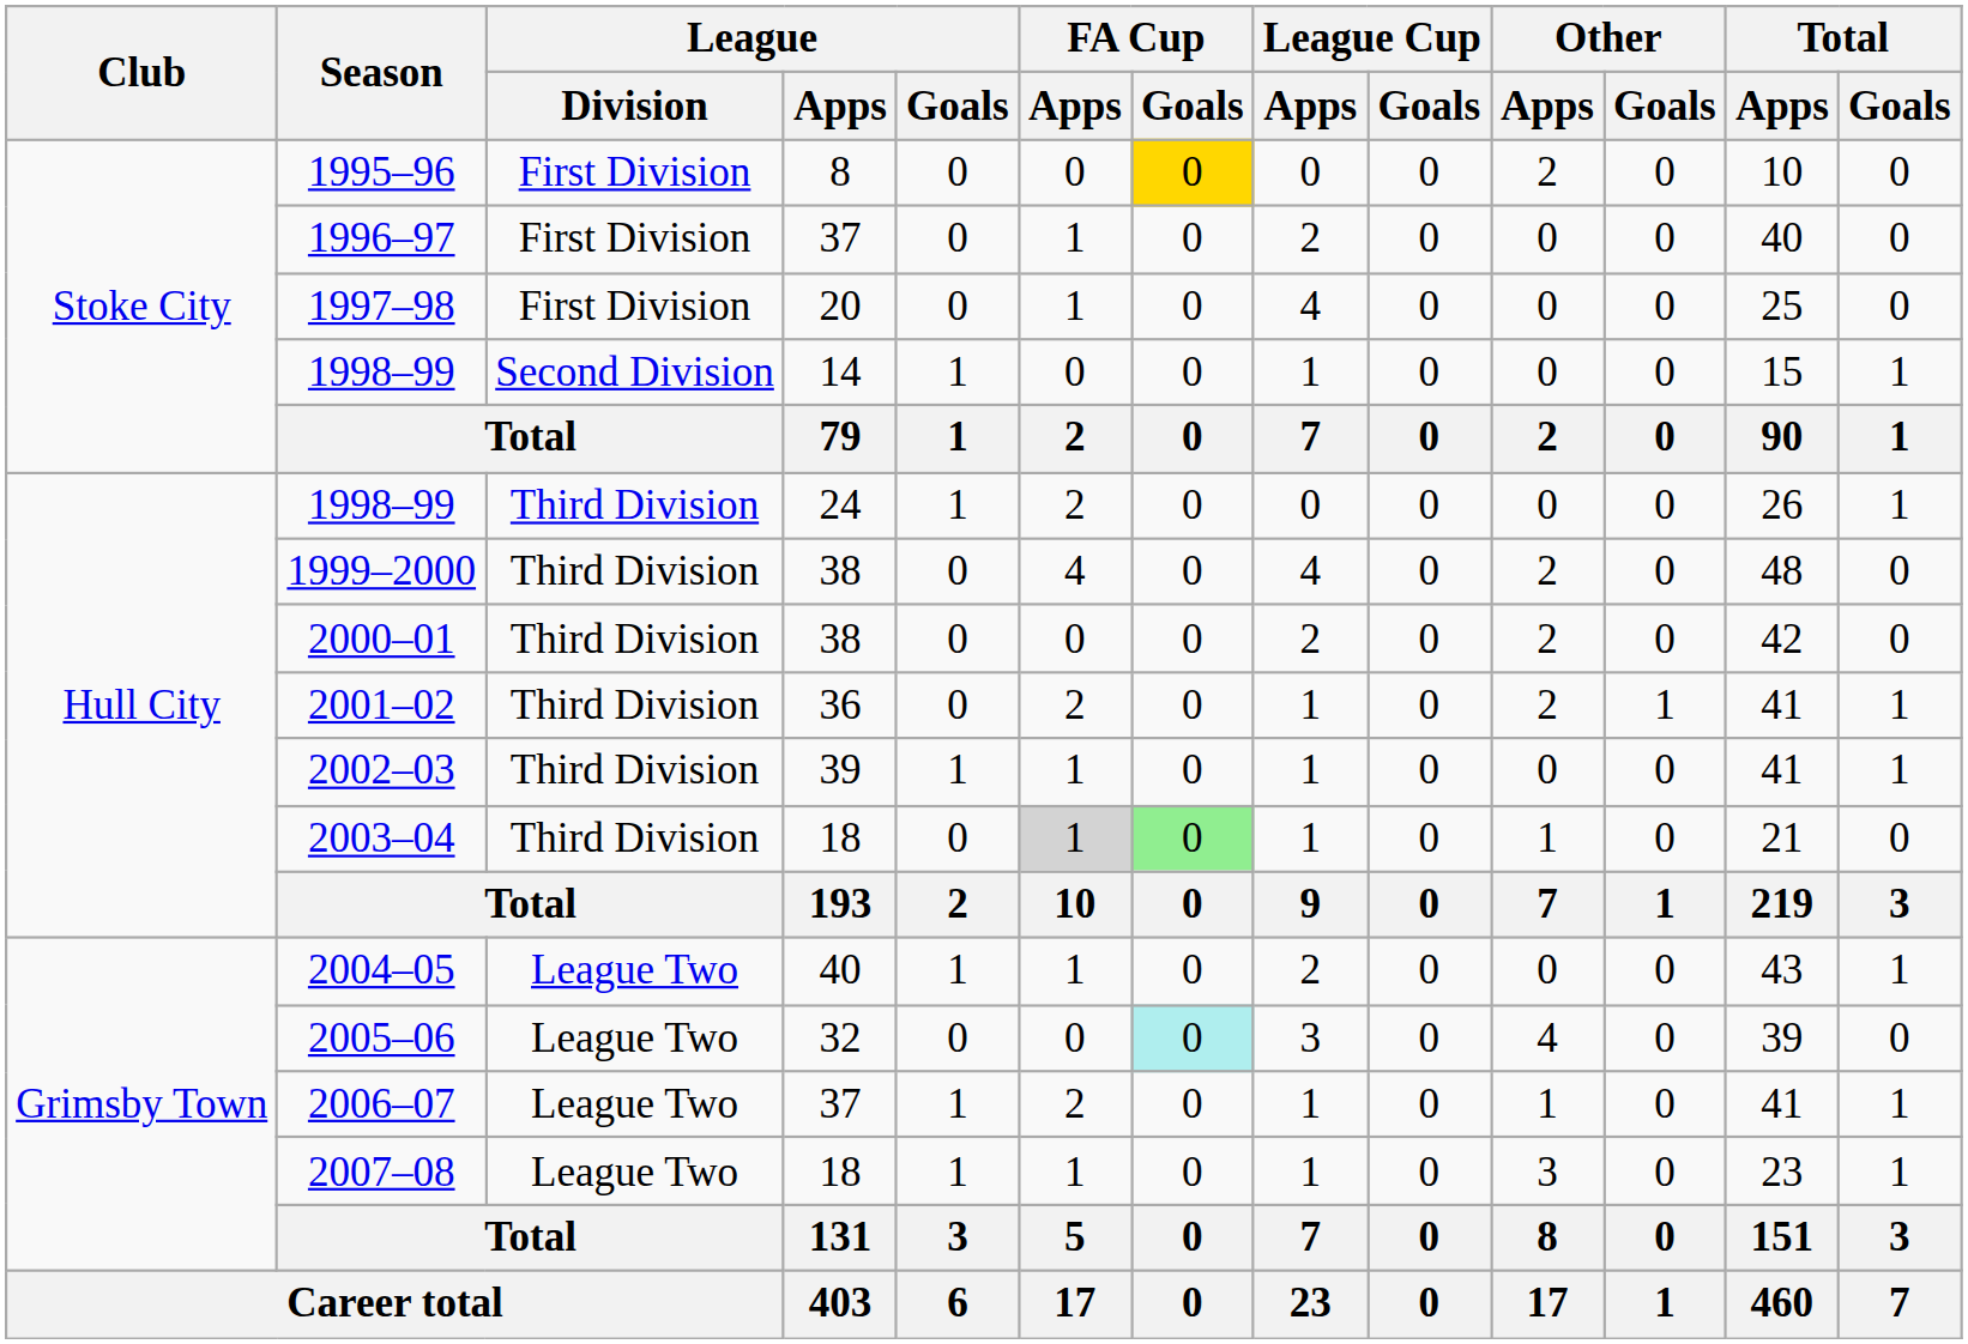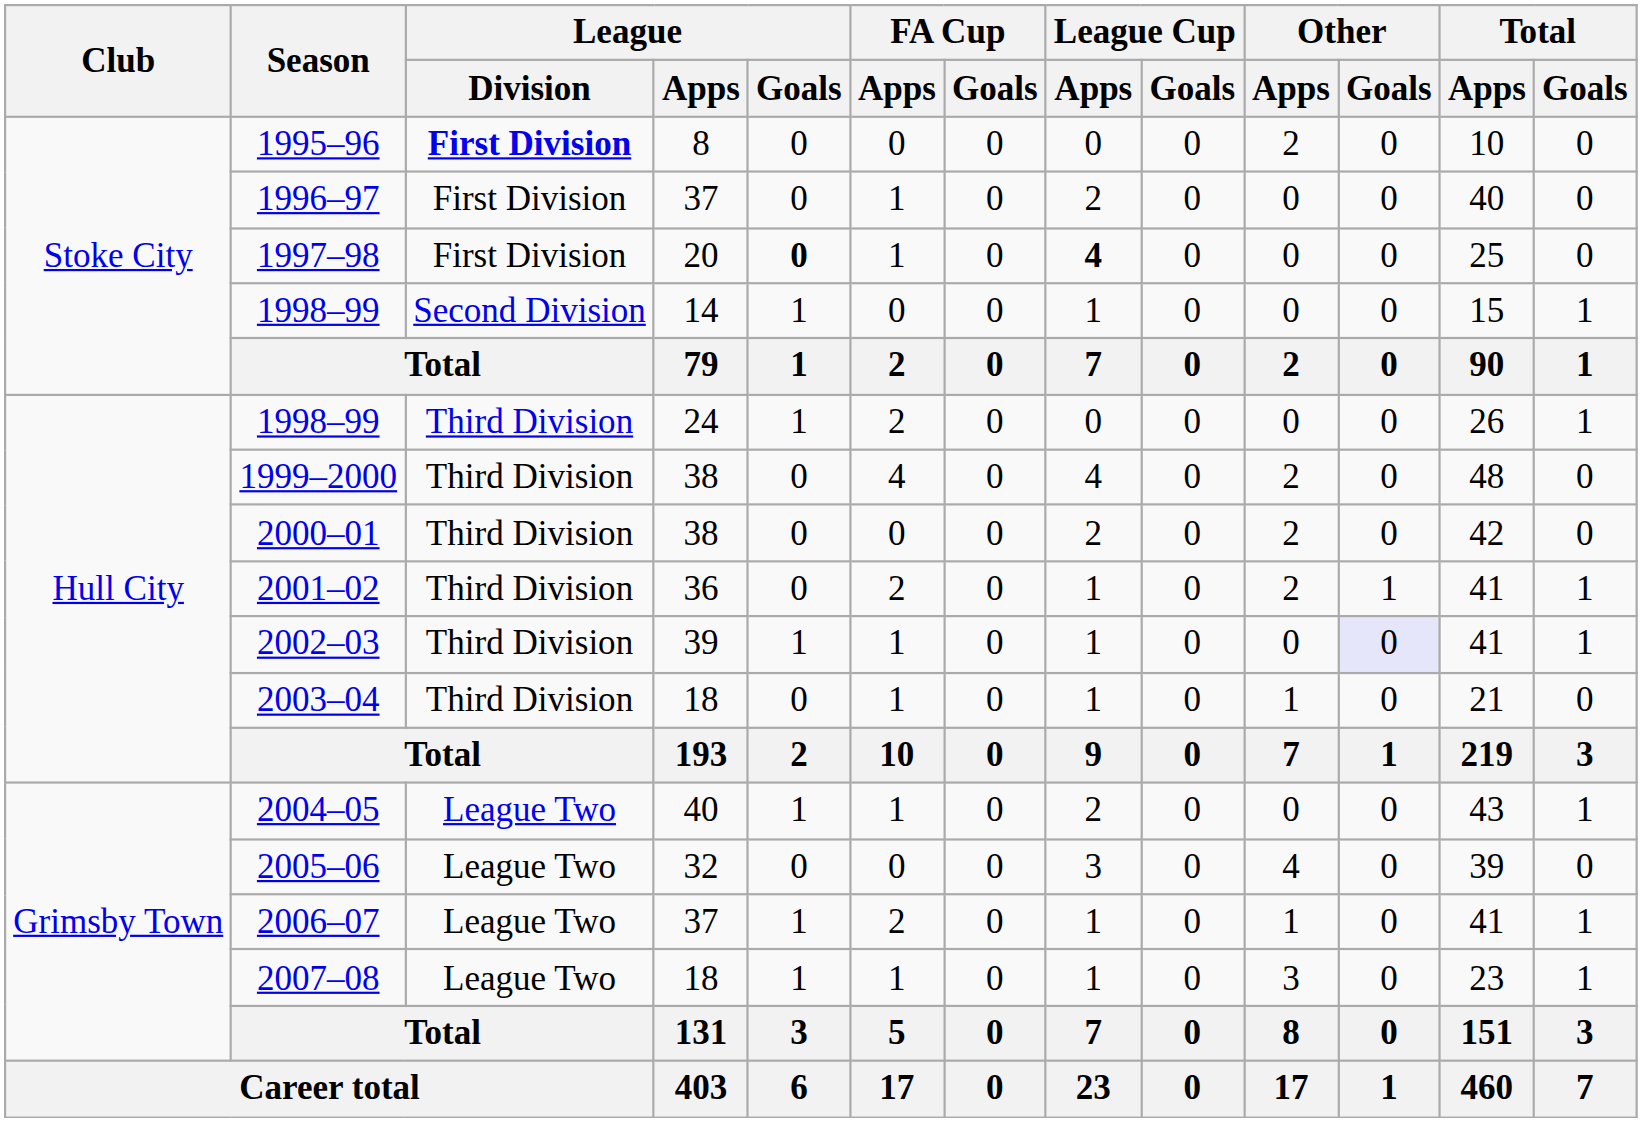 <table class="wikitable" style="text-align: center;">
 <tr>
 <th rowspan="2">Club</th>
 <th rowspan="2">Season</th>
 <th colspan="3">League</th>
 <th colspan="2">FA Cup</th>
 <th colspan="2">League Cup</th>
 <th colspan="2">Other</th>
 <th colspan="2">Total</th>
 </tr>
 <tr>
 <th>Division</th>
 <th>Apps</th>
 <th>Goals</th>
 <th>Apps</th>
 <th>Goals</th>
 <th>Apps</th>
 <th>Goals</th>
 <th>Apps</th>
 <th>Goals</th>
 <th>Apps</th>
 <th>Goals</th>
 </tr>
 <tr>
 <td rowspan="5"><a href='#'>Stoke City</a></td>
 <td><a href='#'>1995–96</a></td>
-<td><a href='#'>First Division</a></td>
+<td><strong><a href='#'>First Division</a></strong></td>
 <td>8</td>
 <td>0</td>
 <td>0</td>
-<td style="background: gold;">0</td>
+<td>0</td>
 <td>0</td>
 <td>0</td>
 <td>2</td>
 <td>0</td>
 <td>10</td>
 <td>0</td>
 </tr>
 <tr>
 <td><a href='#'>1996–97</a></td>
 <td>First Division</td>
 <td>37</td>
 <td>0</td>
 <td>1</td>
 <td>0</td>
 <td>2</td>
 <td>0</td>
 <td>0</td>
 <td>0</td>
 <td>40</td>
 <td>0</td>
 </tr>
 <tr>
 <td><a href='#'>1997–98</a></td>
 <td>First Division</td>
 <td>20</td>
-<td>0</td>
+<td><strong>0</strong></td>
 <td>1</td>
 <td>0</td>
-<td>4</td>
+<td><strong>4</strong></td>
 <td>0</td>
 <td>0</td>
 <td>0</td>
 <td>25</td>
 <td>0</td>
 </tr>
 <tr>
 <td><a href='#'>1998–99</a></td>
 <td><a href='#'>Second Division</a></td>
 <td>14</td>
 <td>1</td>
 <td>0</td>
 <td>0</td>
 <td>1</td>
 <td>0</td>
 <td>0</td>
 <td>0</td>
 <td>15</td>
 <td>1</td>
 </tr>
 <tr>
 <th colspan="2">Total</th>
 <th>79</th>
 <th>1</th>
 <th>2</th>
 <th>0</th>
 <th>7</th>
 <th>0</th>
 <th>2</th>
 <th>0</th>
 <th>90</th>
 <th>1</th>
 </tr>
 <tr>
 <td rowspan="7"><a href='#'>Hull City</a></td>
 <td><a href='#'>1998–99</a></td>
 <td><a href='#'>Third Division</a></td>
 <td>24</td>
 <td>1</td>
 <td>2</td>
 <td>0</td>
 <td>0</td>
 <td>0</td>
 <td>0</td>
 <td>0</td>
 <td>26</td>
 <td>1</td>
 </tr>
 <tr>
 <td><a href='#'>1999–2000</a></td>
 <td>Third Division</td>
 <td>38</td>
 <td>0</td>
 <td>4</td>
 <td>0</td>
 <td>4</td>
 <td>0</td>
 <td>2</td>
 <td>0</td>
 <td>48</td>
 <td>0</td>
 </tr>
 <tr>
 <td><a href='#'>2000–01</a></td>
 <td>Third Division</td>
 <td>38</td>
 <td>0</td>
 <td>0</td>
 <td>0</td>
 <td>2</td>
 <td>0</td>
 <td>2</td>
 <td>0</td>
 <td>42</td>
 <td>0</td>
 </tr>
 <tr>
 <td><a href='#'>2001–02</a></td>
 <td>Third Division</td>
 <td>36</td>
 <td>0</td>
 <td>2</td>
 <td>0</td>
 <td>1</td>
 <td>0</td>
 <td>2</td>
 <td>1</td>
 <td>41</td>
 <td>1</td>
 </tr>
 <tr>
 <td><a href='#'>2002–03</a></td>
 <td>Third Division</td>
 <td>39</td>
 <td>1</td>
 <td>1</td>
 <td>0</td>
 <td>1</td>
 <td>0</td>
 <td>0</td>
-<td>0</td>
+<td style="background: lavender;">0</td>
 <td>41</td>
 <td>1</td>
 </tr>
 <tr>
 <td><a href='#'>2003–04</a></td>
 <td>Third Division</td>
 <td>18</td>
 <td>0</td>
-<td style="background: lightgrey;">1</td>
-<td style="background: lightgreen;">0</td>
+<td>1</td>
+<td>0</td>
 <td>1</td>
 <td>0</td>
 <td>1</td>
 <td>0</td>
 <td>21</td>
 <td>0</td>
 </tr>
 <tr>
 <th colspan="2">Total</th>
 <th>193</th>
 <th>2</th>
 <th>10</th>
 <th>0</th>
 <th>9</th>
 <th>0</th>
 <th>7</th>
 <th>1</th>
 <th>219</th>
 <th>3</th>
 </tr>
 <tr>
 <td rowspan="5"><a href='#'>Grimsby Town</a></td>
 <td><a href='#'>2004–05</a></td>
 <td><a href='#'>League Two</a></td>
 <td>40</td>
 <td>1</td>
 <td>1</td>
 <td>0</td>
 <td>2</td>
 <td>0</td>
 <td>0</td>
 <td>0</td>
 <td>43</td>
 <td>1</td>
 </tr>
 <tr>
 <td><a href='#'>2005–06</a></td>
 <td>League Two</td>
 <td>32</td>
 <td>0</td>
 <td>0</td>
-<td style="background: paleturquoise;">0</td>
+<td>0</td>
 <td>3</td>
 <td>0</td>
 <td>4</td>
 <td>0</td>
 <td>39</td>
 <td>0</td>
 </tr>
 <tr>
 <td><a href='#'>2006–07</a></td>
 <td>League Two</td>
 <td>37</td>
 <td>1</td>
 <td>2</td>
 <td>0</td>
 <td>1</td>
 <td>0</td>
 <td>1</td>
 <td>0</td>
 <td>41</td>
 <td>1</td>
 </tr>
 <tr>
 <td><a href='#'>2007–08</a></td>
 <td>League Two</td>
 <td>18</td>
 <td>1</td>
 <td>1</td>
 <td>0</td>
 <td>1</td>
 <td>0</td>
 <td>3</td>
 <td>0</td>
 <td>23</td>
 <td>1</td>
 </tr>
 <tr>
 <th colspan="2">Total</th>
 <th>131</th>
 <th>3</th>
 <th>5</th>
 <th>0</th>
 <th>7</th>
 <th>0</th>
 <th>8</th>
 <th>0</th>
 <th>151</th>
 <th>3</th>
 </tr>
 <tr>
 <th colspan="3">Career total</th>
 <th>403</th>
 <th>6</th>
 <th>17</th>
 <th>0</th>
 <th>23</th>
 <th>0</th>
 <th>17</th>
 <th>1</th>
 <th>460</th>
 <th>7</th>
 </tr>
 </table>
